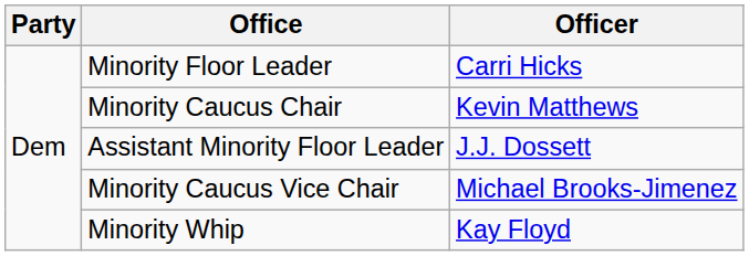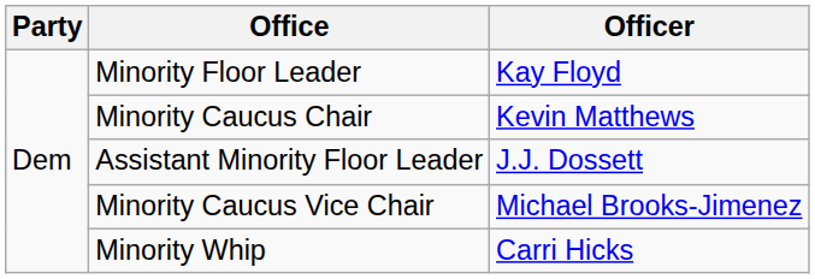 <table class=wikitable>
 <tr>
 <th>Party</th>
 <th>Office</th>
 <th>Officer</th>
 </tr>
 <tr>
 <td rowspan=5 style="background: ">Dem</td>
 <td>Minority Floor Leader</td>
-<td><a href='#'>Carri Hicks</a></td>
+<td><a href='#'>Kay Floyd</a></td>
 </tr>
 <tr>
 <td>Minority Caucus Chair</td>
 <td><a href='#'>Kevin Matthews</a></td>
 </tr>
 <tr>
 <td>Assistant Minority Floor Leader</td>
 <td><a href='#'>J.J. Dossett</a></td>
 </tr>
 <tr>
 <td>Minority Caucus Vice Chair</td>
 <td><a href='#'>Michael Brooks-Jimenez</a></td>
 </tr>
 <tr>
 <td>Minority Whip</td>
-<td><a href='#'>Kay Floyd</a></td>
+<td><a href='#'>Carri Hicks</a></td>
 </tr>
 </table>
